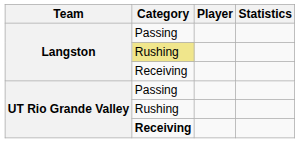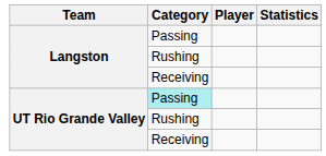 <table class="wikitable" style="float:right">
 <tr>
 <th>Team</th>
 <th>Category</th>
 <th>Player</th>
 <th>Statistics</th>
 </tr>
 <tr>
 <th rowspan=3>Langston</th>
 <td>Passing</td>
 <td></td>
 <td></td>
 </tr>
 <tr>
-<td style="background: khaki;">Rushing</td>
+<td>Rushing</td>
 <td></td>
 <td></td>
 </tr>
 <tr>
 <td>Receiving</td>
 <td></td>
 <td></td>
 </tr>
 <tr>
 <th rowspan=3>UT Rio Grande Valley</th>
-<td>Passing</td>
+<td style="background: paleturquoise;">Passing</td>
 <td></td>
 <td></td>
 </tr>
 <tr>
 <td>Rushing</td>
 <td></td>
 <td></td>
 </tr>
 <tr>
-<td><strong>Receiving</strong></td>
+<td>Receiving</td>
 <td></td>
 <td></td>
 </tr>
 </table>
